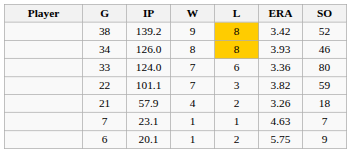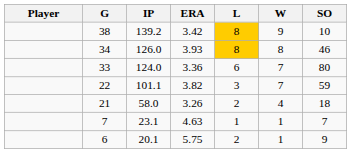 <table class="wikitable sortable">
 <tr>
 <th bgcolor="#DDDDFF" width="16%">Player</th>
 <th bgcolor="#DDDDFF" width="9%">G</th>
 <th bgcolor="#DDDDFF" width="9%">IP</th>
+<th bgcolor="#DDDDFF" width="9%">ERA</th>
+<th bgcolor="#DDDDFF" width="9%">L</th>
 <th bgcolor="#DDDDFF" width="9%">W</th>
-<th bgcolor="#DDDDFF" width="9%">L</th>
-<th bgcolor="#DDDDFF" width="9%">ERA</th>
 <th bgcolor="#DDDDFF" width="9%">SO</th>
 </tr>
 <tr align="center">
 <td></td>
 <td>38</td>
 <td>139.2</td>
+<td>3.42</td>
+<td style="background:#fc0;">8</td>
 <td>9</td>
-<td style="background:#fc0;">8</td>
-<td>3.42</td>
-<td>52</td>
+<td>10</td>
 </tr>
 <tr align="center">
 <td></td>
 <td>34</td>
 <td>126.0</td>
+<td>3.93</td>
+<td style="background:#fc0;">8</td>
 <td>8</td>
-<td style="background:#fc0;">8</td>
-<td>3.93</td>
 <td>46</td>
 </tr>
 <tr align="center">
 <td></td>
 <td>33</td>
 <td>124.0</td>
+<td>3.36</td>
+<td>6</td>
 <td>7</td>
-<td>6</td>
-<td>3.36</td>
 <td>80</td>
 </tr>
 <tr align="center">
 <td></td>
 <td>22</td>
 <td>101.1</td>
+<td>3.82</td>
+<td>3</td>
 <td>7</td>
-<td>3</td>
-<td>3.82</td>
 <td>59</td>
 </tr>
 <tr align="center">
 <td></td>
 <td>21</td>
-<td>57.9</td>
+<td>58.0</td>
+<td>3.26</td>
+<td>2</td>
 <td>4</td>
-<td>2</td>
-<td>3.26</td>
 <td>18</td>
 </tr>
 <tr align="center">
 <td></td>
 <td>7</td>
 <td>23.1</td>
+<td>4.63</td>
 <td>1</td>
 <td>1</td>
-<td>4.63</td>
 <td>7</td>
 </tr>
 <tr align="center">
 <td></td>
 <td>6</td>
 <td>20.1</td>
+<td>5.75</td>
+<td>2</td>
 <td>1</td>
-<td>2</td>
-<td>5.75</td>
 <td>9</td>
 </tr>
 </table>
